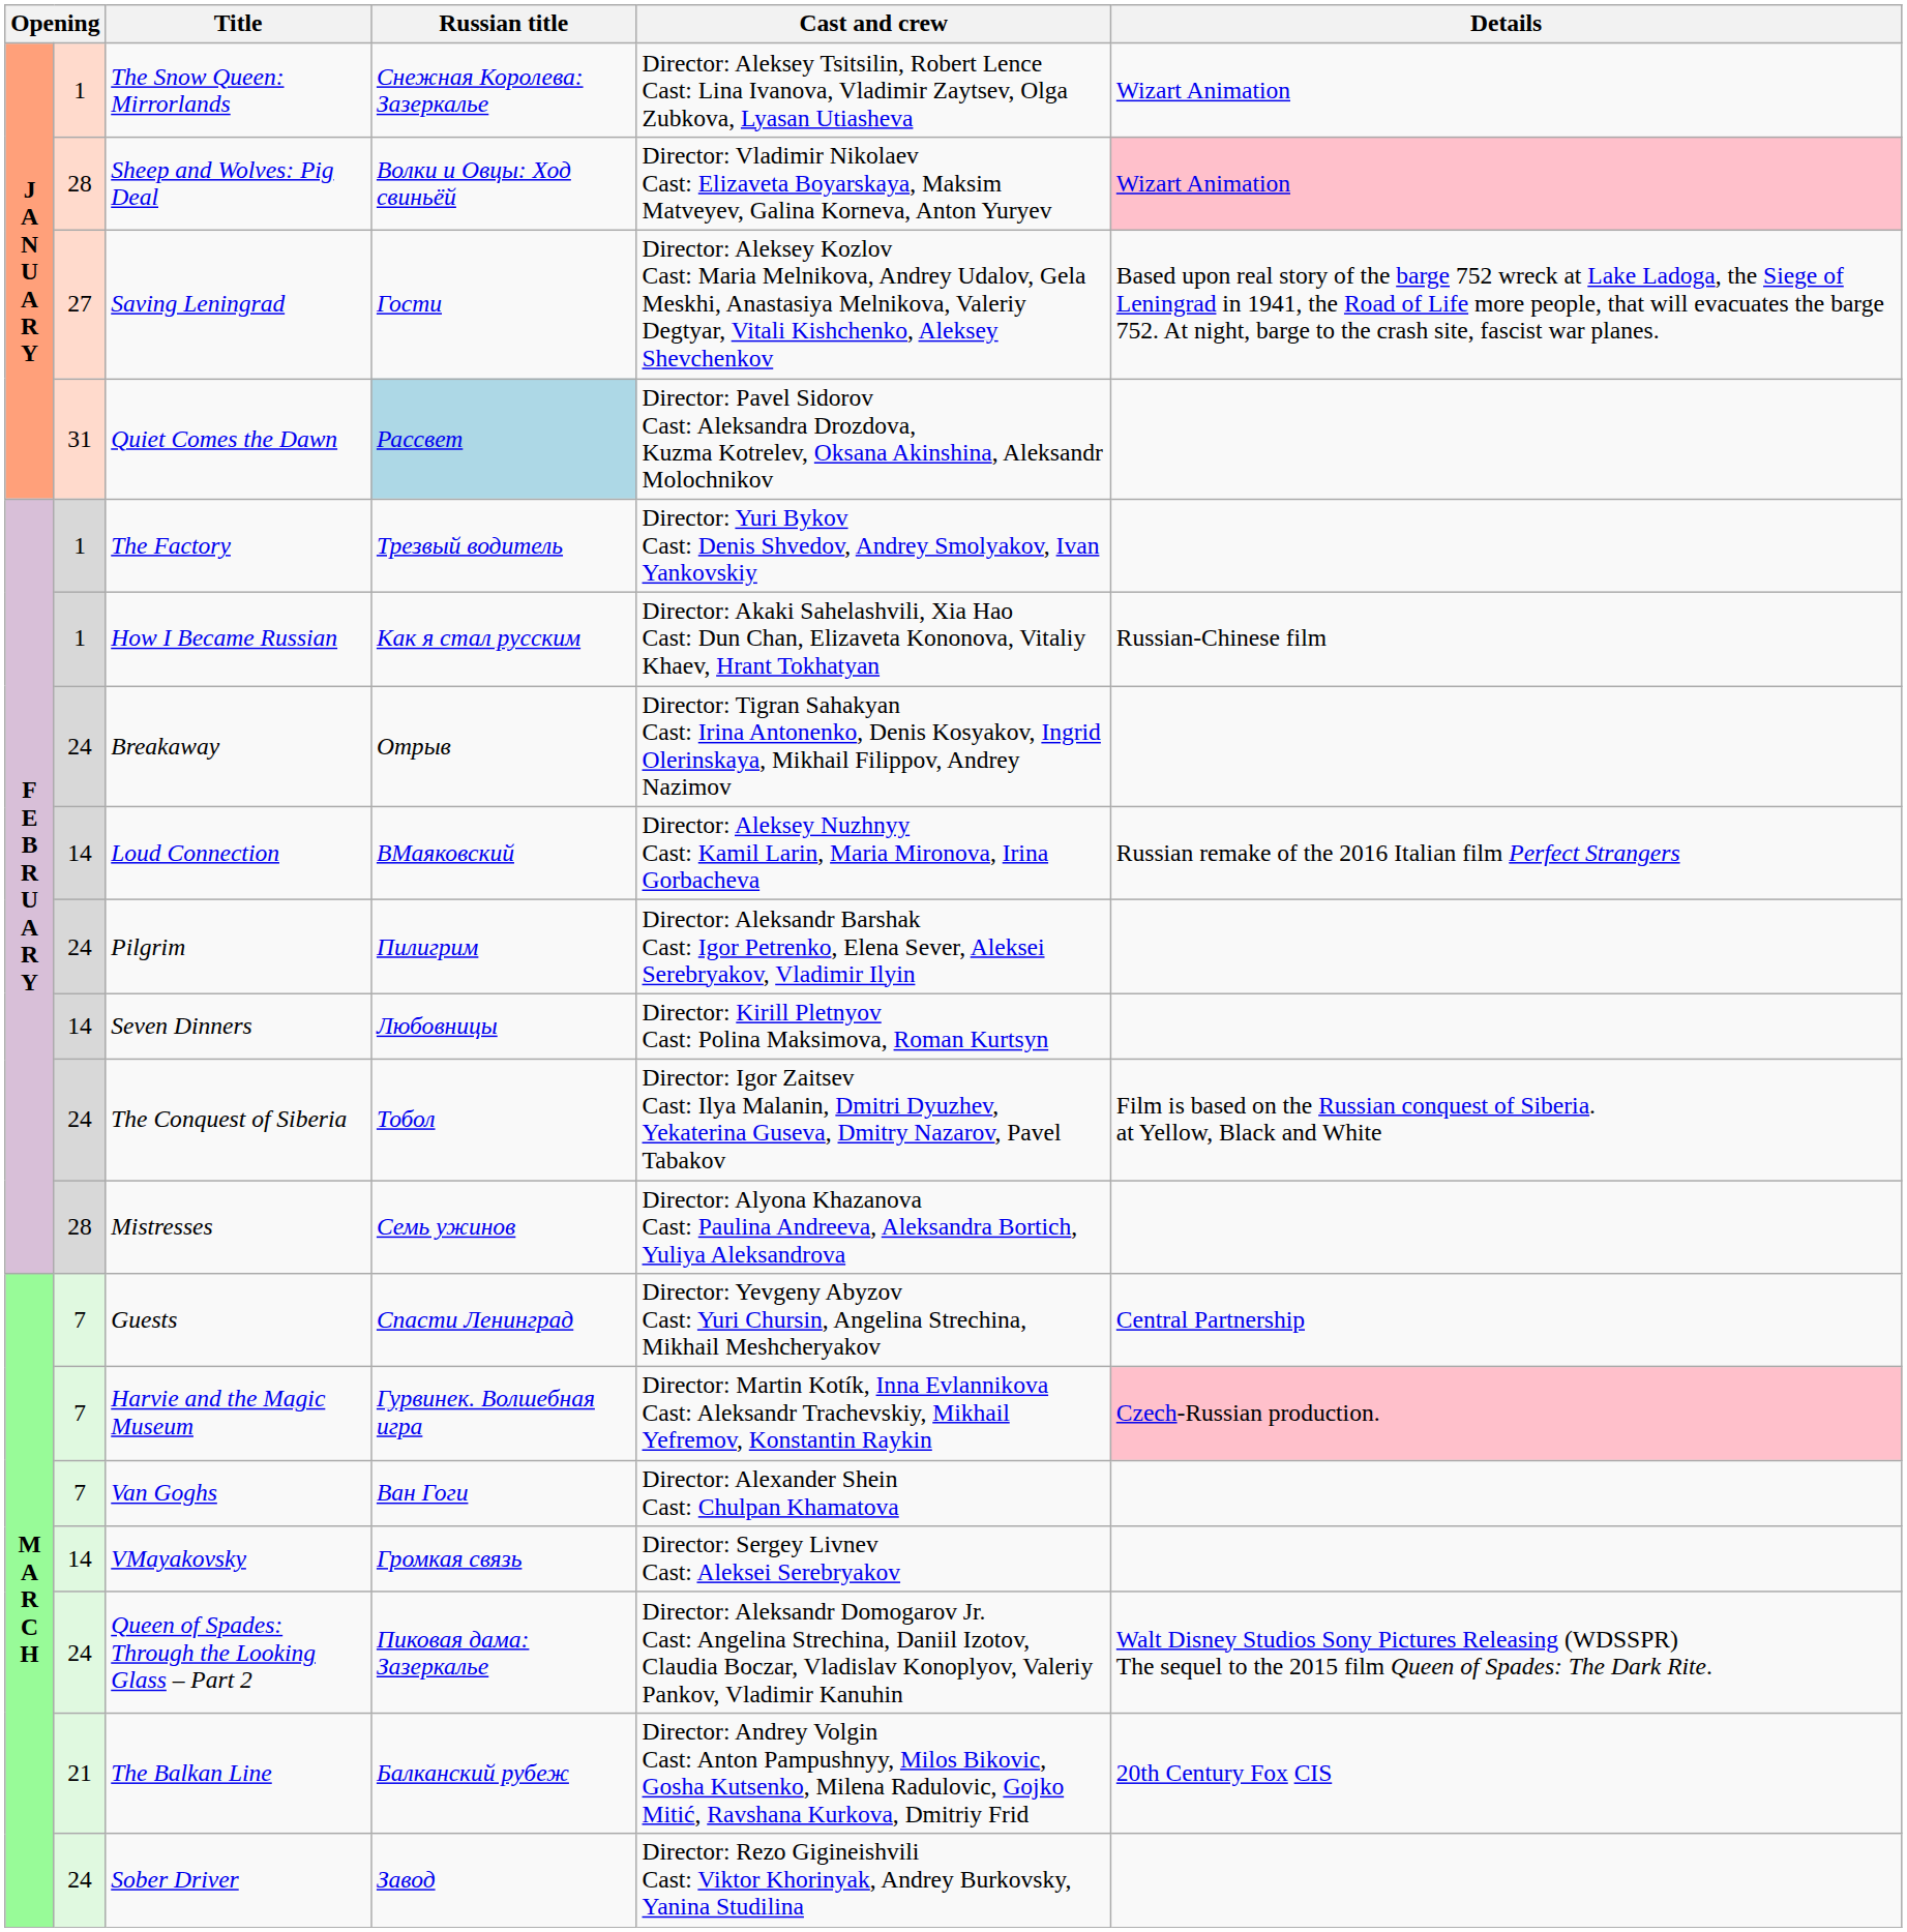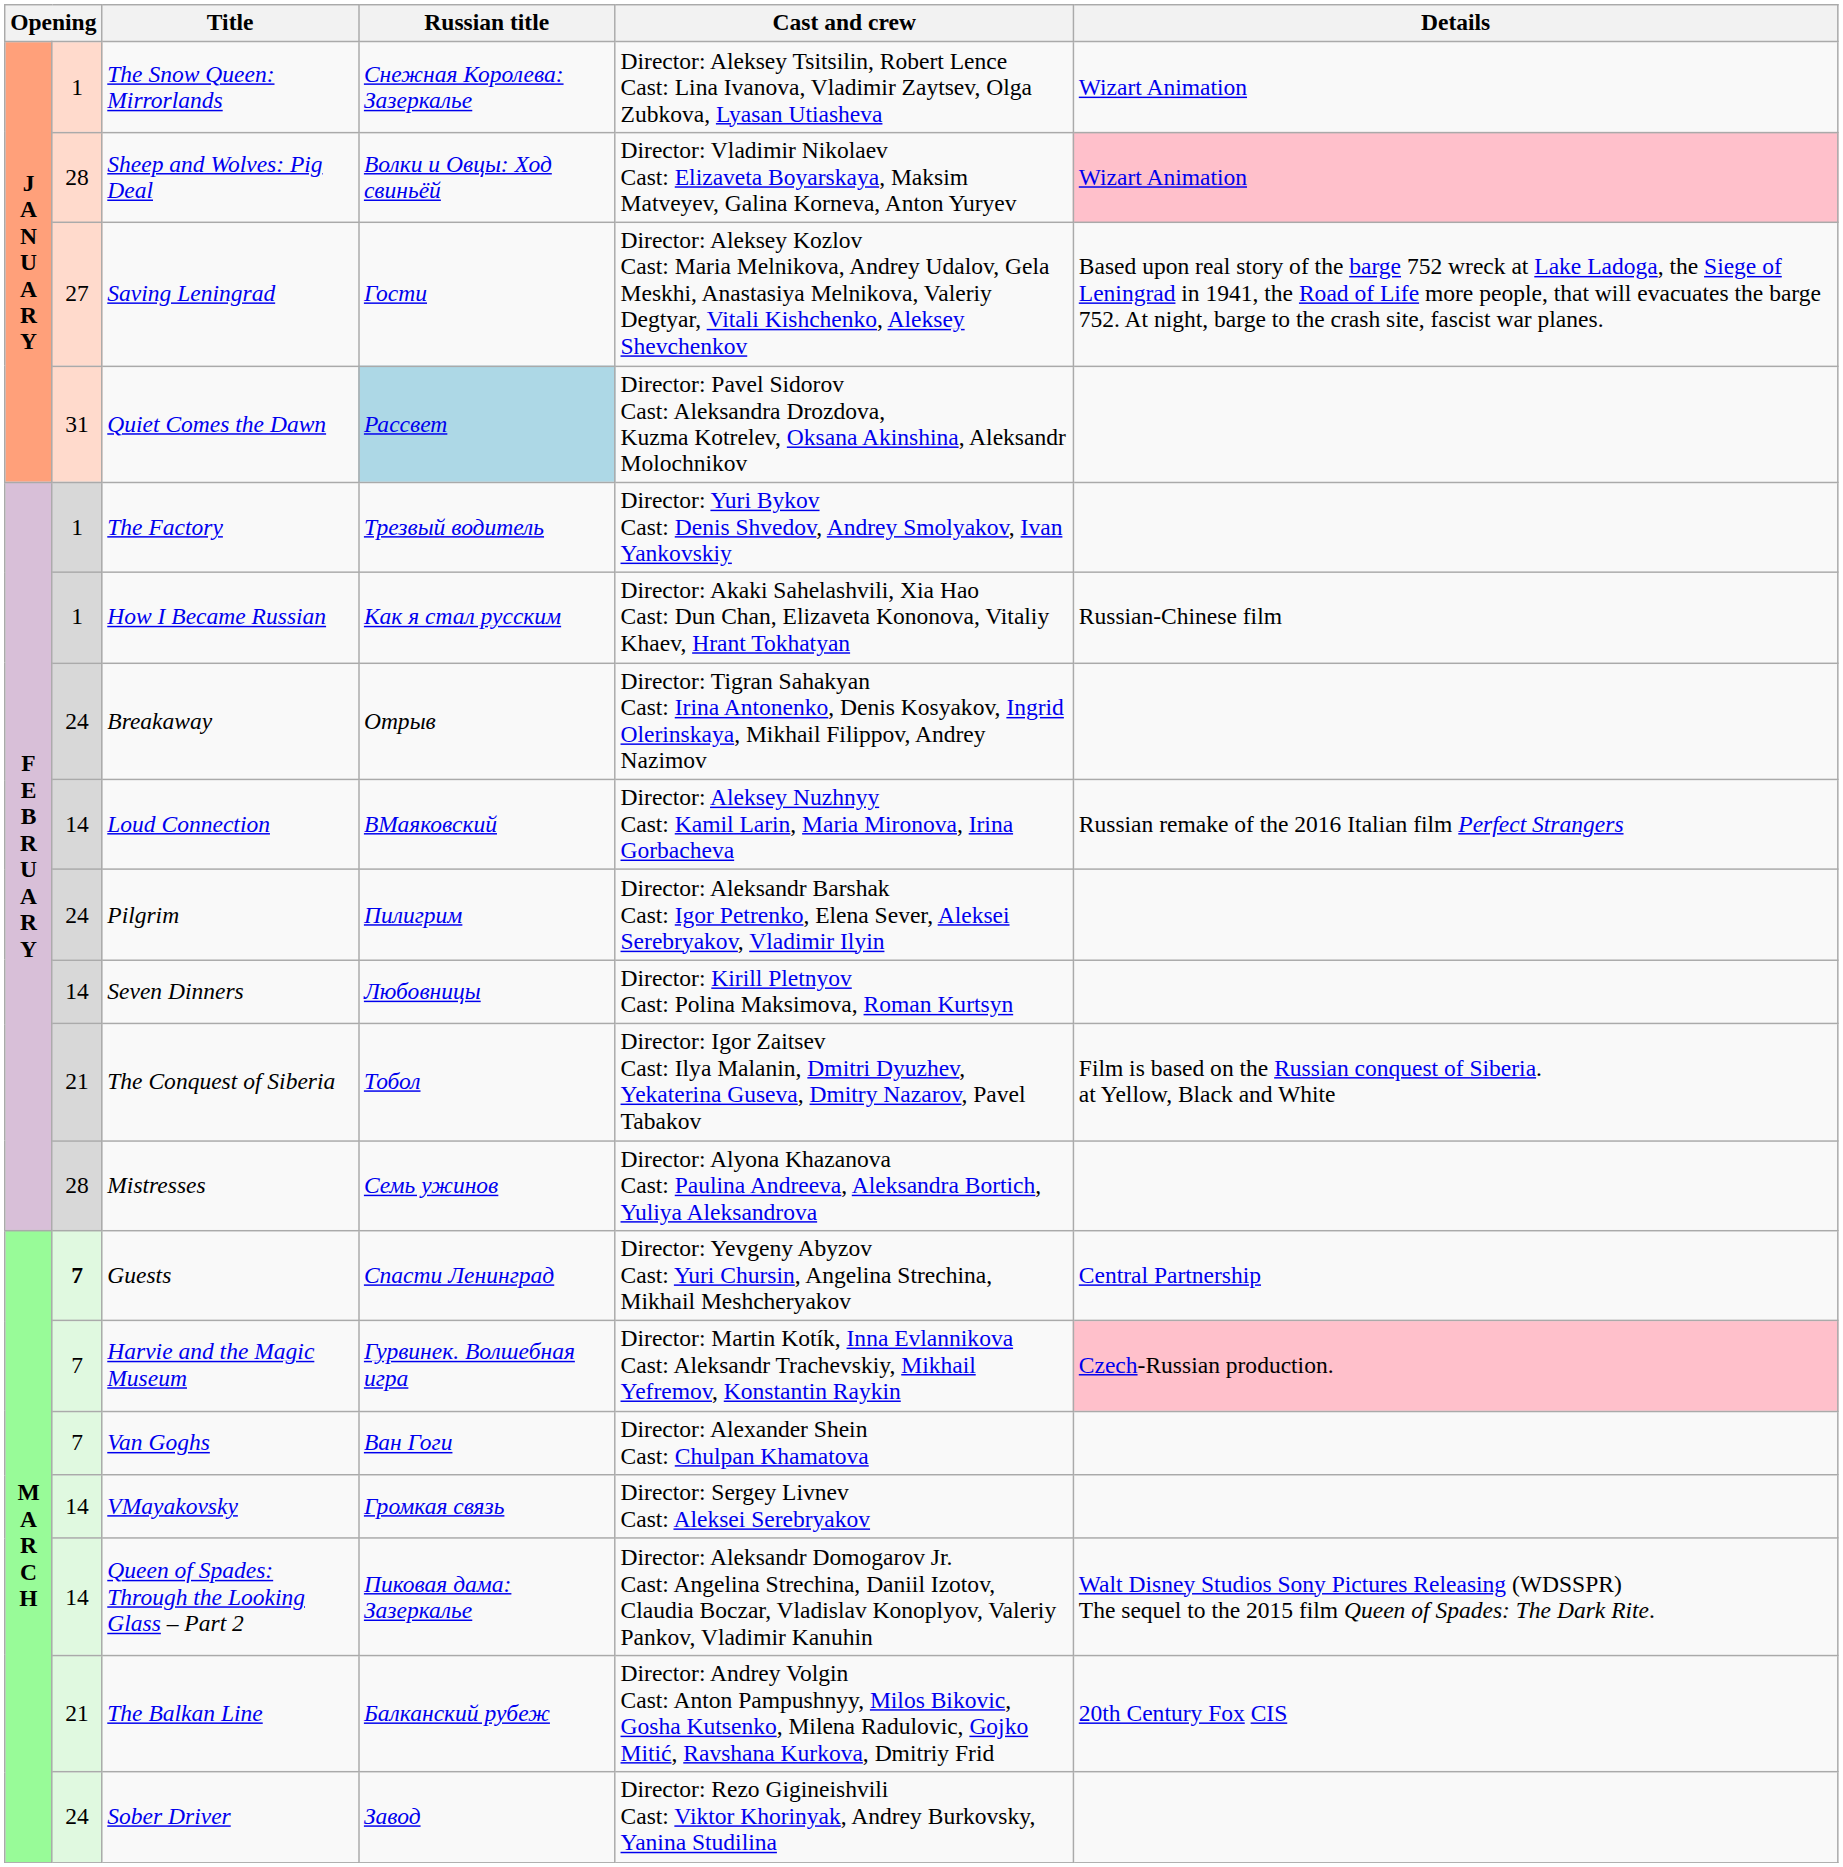 <table class="wikitable">
 <tr>
 <th colspan="2">Opening</th>
 <th style="width:14%;">Title</th>
 <th style="width:14%;">Russian title</th>
 <th style="width:25%;">Cast and crew</th>
 <th>Details</th>
 </tr>
 <tr>
 <th rowspan="4" align="center" style="background:#ffa07a; textcolor:#000;">J<br>A<br>N<br>U<br>A<br>R<br>Y</th>
 <td align="center" style="background:#ffdacc;">1</td>
 <td><em><a href='#'>The Snow Queen: Mirrorlands</a></em></td>
 <td><em><a href='#'>Снежная Королева: Зазеркалье</a></em></td>
 <td>Director: Aleksey Tsitsilin, Robert Lence <br> Cast: Lina Ivanova, Vladimir Zaytsev, Olga Zubkova, <a href='#'>Lyasan Utiasheva</a></td>
 <td><a href='#'>Wizart Animation</a></td>
 </tr>
 <tr>
 <td align="center" style="background:#ffdacc;">28</td>
 <td><em><a href='#'>Sheep and Wolves: Pig Deal</a></em></td>
 <td><em><a href='#'>Волки и Овцы: Ход свиньёй</a></em></td>
 <td>Director: Vladimir Nikolaev <br> Cast: <a href='#'>Elizaveta Boyarskaya</a>, Maksim Matveyev, Galina Korneva, Anton Yuryev</td>
 <td style="background: pink;"><a href='#'>Wizart Animation</a></td>
 </tr>
 <tr>
 <td align="center" style="background:#ffdacc;">27</td>
 <td><em><a href='#'>Saving Leningrad</a></em></td>
 <td><em><a href='#'>Гости</a></em></td>
 <td>Director: Aleksey Kozlov <br> Cast: Maria Melnikova, Andrey Udalov, Gela Meskhi, Anastasiya Melnikova, Valeriy Degtyar, <a href='#'>Vitali Kishchenko</a>, <a href='#'>Aleksey Shevchenkov</a></td>
 <td>Based upon real story of the <a href='#'>barge</a> 752 wreck at <a href='#'>Lake Ladoga</a>, the <a href='#'>Siege of Leningrad</a> in 1941, the <a href='#'>Road of Life</a> more people, that will evacuates the barge 752. At night, barge to the crash site, fascist war planes.</td>
 </tr>
 <tr>
 <td align="center" style="background:#ffdacc;">31</td>
 <td><em><a href='#'>Quiet Comes the Dawn</a></em></td>
 <td style="background: lightblue;"><em><a href='#'>Рассвет</a></em></td>
 <td>Director: Pavel Sidorov <br> Cast: Aleksandra Drozdova,<br> Kuzma Kotrelev, <a href='#'>Oksana Akinshina</a>, Aleksandr Molochnikov</td>
 <td></td>
 </tr>
 <tr>
 <th rowspan="8" align="center" style="background:thistle; textcolor:#000;">F<br>E<br>B<br>R<br>U<br>A<br>R<br>Y</th>
 <td align="center" style="background:#d8d8d8;">1</td>
 <td><em><a href='#'>The Factory</a></em></td>
 <td><em><a href='#'>Трезвый водитель</a></em></td>
 <td>Director: <a href='#'>Yuri Bykov</a> <br> Cast: <a href='#'>Denis Shvedov</a>, <a href='#'>Andrey Smolyakov</a>, <a href='#'>Ivan Yankovskiy</a></td>
 <td></td>
 </tr>
 <tr>
 <td align="center" style="background:#d8d8d8;">1</td>
 <td><em><a href='#'>How I Became Russian</a></em></td>
 <td><em><a href='#'>Как я стал русским</a></em></td>
 <td>Director: Akaki Sahelashvili, Xia Hao <br> Cast: Dun Chan, Elizaveta Kononova, Vitaliy Khaev, <a href='#'>Hrant Tokhatyan</a></td>
 <td>Russian-Chinese film</td>
 </tr>
 <tr>
 <td align="center" style="background:#d8d8d8;">24</td>
 <td><em>Breakaway</em></td>
 <td><em>Отрыв</em></td>
 <td>Director: Tigran Sahakyan <br> Cast: <a href='#'>Irina Antonenko</a>, Denis Kosyakov, <a href='#'>Ingrid Olerinskaya</a>, Mikhail Filippov, Andrey Nazimov</td>
 <td> </td>
 </tr>
 <tr>
 <td align="center" style="background:#d8d8d8;">14</td>
 <td><em><a href='#'>Loud Connection</a></em></td>
 <td><em><a href='#'>ВМаяковский</a></em></td>
 <td>Director: <a href='#'>Aleksey Nuzhnyy</a> <br> Cast: <a href='#'>Kamil Larin</a>, <a href='#'>Maria Mironova</a>, <a href='#'>Irina Gorbacheva</a></td>
 <td>Russian remake of the 2016 Italian film <em><a href='#'>Perfect Strangers</a></em></td>
 </tr>
 <tr>
 <td align="center" style="background:#d8d8d8;">24</td>
 <td><em>Pilgrim</em></td>
 <td><em><a href='#'>Пилигрим</a></em></td>
 <td>Director: Aleksandr Barshak <br> Cast: <a href='#'>Igor Petrenko</a>, Elena Sever, <a href='#'>Aleksei Serebryakov</a>, <a href='#'>Vladimir Ilyin</a></td>
 <td></td>
 </tr>
 <tr>
 <td align="center" style="background:#d8d8d8;">14</td>
 <td><em>Seven Dinners</em></td>
 <td><em><a href='#'>Любовницы</a></em></td>
 <td>Director: <a href='#'>Kirill Pletnyov</a> <br> Cast: Polina Maksimova, <a href='#'>Roman Kurtsyn</a></td>
 <td></td>
 </tr>
 <tr>
-<td align="center" style="background:#d8d8d8;">24</td>
+<td align="center" style="background:#d8d8d8;">21</td>
 <td><em>The Conquest of Siberia</em></td>
 <td><em><a href='#'>Тобол</a></em></td>
 <td>Director: Igor Zaitsev <br> Cast: Ilya Malanin, <a href='#'>Dmitri Dyuzhev</a>, <a href='#'>Yekaterina Guseva</a>, <a href='#'>Dmitry Nazarov</a>, Pavel Tabakov</td>
 <td>Film is based on the <a href='#'>Russian conquest of Siberia</a>. <br>  at Yellow, Black and White </td>
 </tr>
 <tr>
 <td align="center" style="background:#d8d8d8;">28</td>
 <td><em>Mistresses</em></td>
 <td><em><a href='#'>Семь ужинов</a></em></td>
 <td>Director: Alyona Khazanova <br> Cast: <a href='#'>Paulina Andreeva</a>, <a href='#'>Aleksandra Bortich</a>, <a href='#'>Yuliya Aleksandrova</a></td>
 <td></td>
 </tr>
 <tr>
 <th rowspan="7" align="center" style="background:#98fb98; textcolor:#000;">M<br>A<br>R<br>C<br>H</th>
-<td align="center" style="background:#e0f9e0;">7</td>
+<td align="center" style="background:#e0f9e0;"><strong>7</strong></td>
 <td><em>Guests</em></td>
 <td><em><a href='#'>Спасти Ленинград</a></em></td>
 <td>Director: Yevgeny Abyzov <br> Cast: <a href='#'>Yuri Chursin</a>, Angelina Strechina, Mikhail Meshcheryakov</td>
 <td><a href='#'>Central Partnership</a></td>
 </tr>
 <tr>
 <td align="center" style="background:#e0f9e0;">7</td>
 <td><em><a href='#'>Harvie and the Magic Museum</a></em></td>
 <td><em><a href='#'>Гурвинек. Волшебная игра</a></em></td>
 <td>Director: Martin Kotík, <a href='#'>Inna Evlannikova</a> <br> Cast: Aleksandr Trachevskiy, <a href='#'>Mikhail Yefremov</a>, <a href='#'>Konstantin Raykin</a></td>
 <td style="background: pink;"><a href='#'>Czech</a>-Russian production.</td>
 </tr>
 <tr>
 <td align="center" style="background:#e0f9e0;">7</td>
 <td><em><a href='#'>Van Goghs</a></em></td>
 <td><em><a href='#'>Ван Гоги</a></em></td>
 <td>Director: Alexander Shein <br> Cast: <a href='#'>Chulpan Khamatova</a></td>
 <td></td>
 </tr>
 <tr>
 <td align="center" style="background:#e0f9e0;">14</td>
 <td><em><a href='#'>VMayakovsky</a></em></td>
 <td><em><a href='#'>Громкая связь</a></em></td>
 <td>Director: Sergey Livnev <br> Cast: <a href='#'>Aleksei Serebryakov</a></td>
 <td></td>
 </tr>
 <tr>
-<td align="center" style="background:#e0f9e0;">24</td>
+<td align="center" style="background:#e0f9e0;">14</td>
 <td><em><a href='#'>Queen of Spades: Through the Looking Glass</a></em> – <em>Part 2</em></td>
 <td><em><a href='#'>Пиковая дама: Зазеркалье</a></em></td>
 <td>Director: Aleksandr Domogarov Jr. <br> Cast: Angelina Strechina, Daniil Izotov, Claudia Boczar, Vladislav Konoplyov, Valeriy Pankov, Vladimir Kanuhin</td>
 <td><a href='#'>Walt Disney Studios Sony Pictures Releasing</a> (WDSSPR) <br> The sequel to the 2015 film <em>Queen of Spades: The Dark Rite</em>.</td>
 </tr>
 <tr>
 <td align="center" style="background:#e0f9e0;">21</td>
 <td><em><a href='#'>The Balkan Line</a></em></td>
 <td><em><a href='#'>Балканский рубеж</a></em></td>
 <td>Director: Andrey Volgin <br> Cast: Anton Pampushnyy, <a href='#'>Milos Bikovic</a>, <a href='#'>Gosha Kutsenko</a>, Milena Radulovic, <a href='#'>Gojko Mitić</a>, <a href='#'>Ravshana Kurkova</a>, Dmitriy Frid</td>
 <td><a href='#'>20th Century Fox</a> <a href='#'>CIS</a></td>
 </tr>
 <tr>
 <td align="center" style="background:#e0f9e0;">24</td>
 <td><em><a href='#'>Sober Driver</a></em></td>
 <td><em><a href='#'>Завод</a></em></td>
 <td>Director: Rezo Gigineishvili <br> Cast: <a href='#'>Viktor Khorinyak</a>, Andrey Burkovsky, <a href='#'>Yanina Studilina</a></td>
 <td></td>
 </tr>
 </table>
